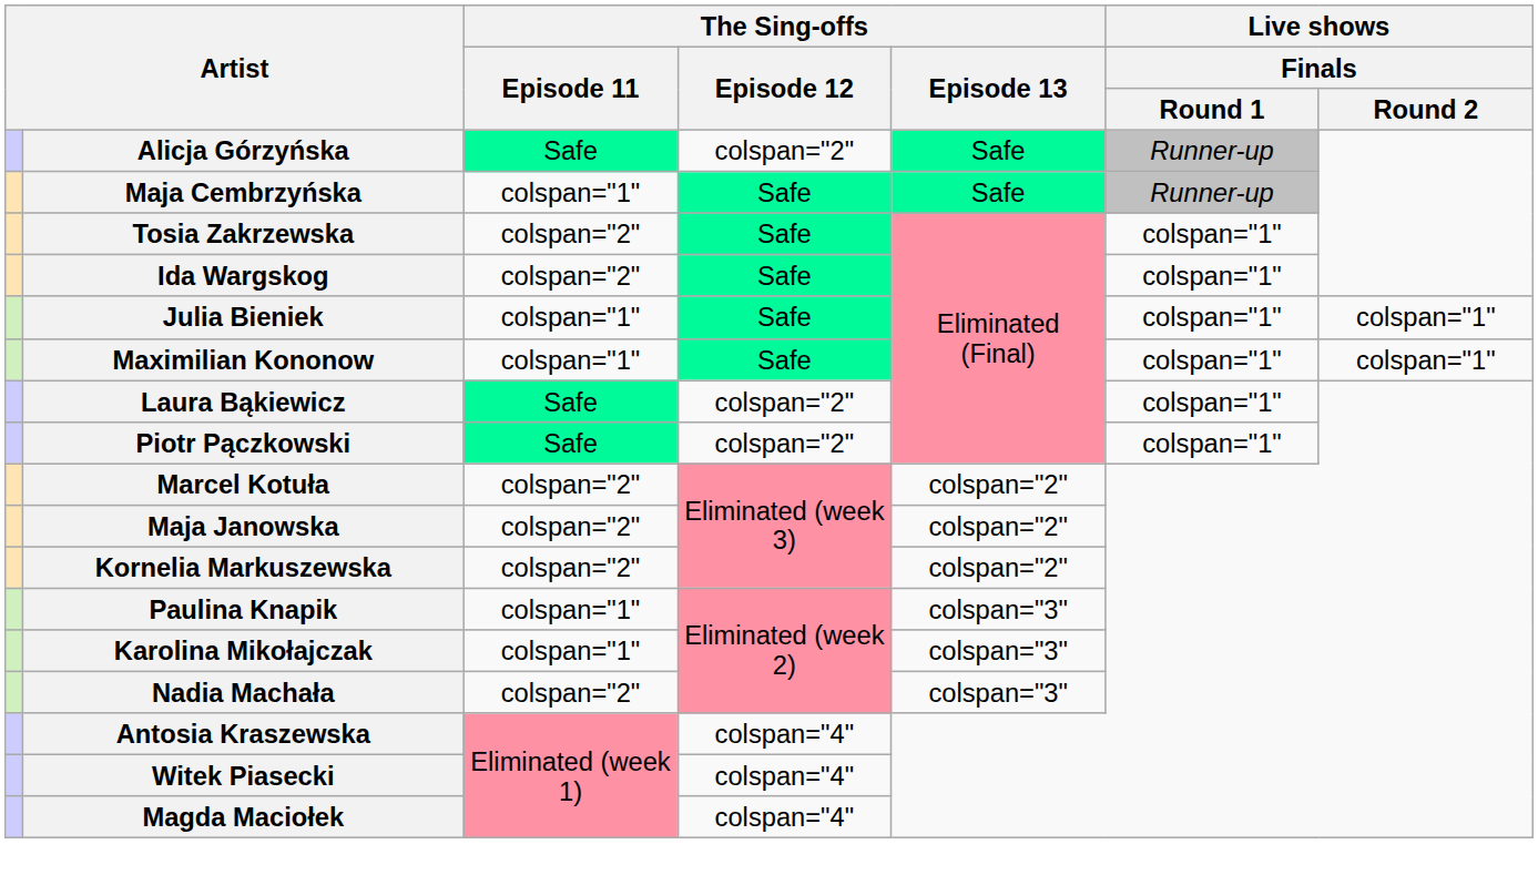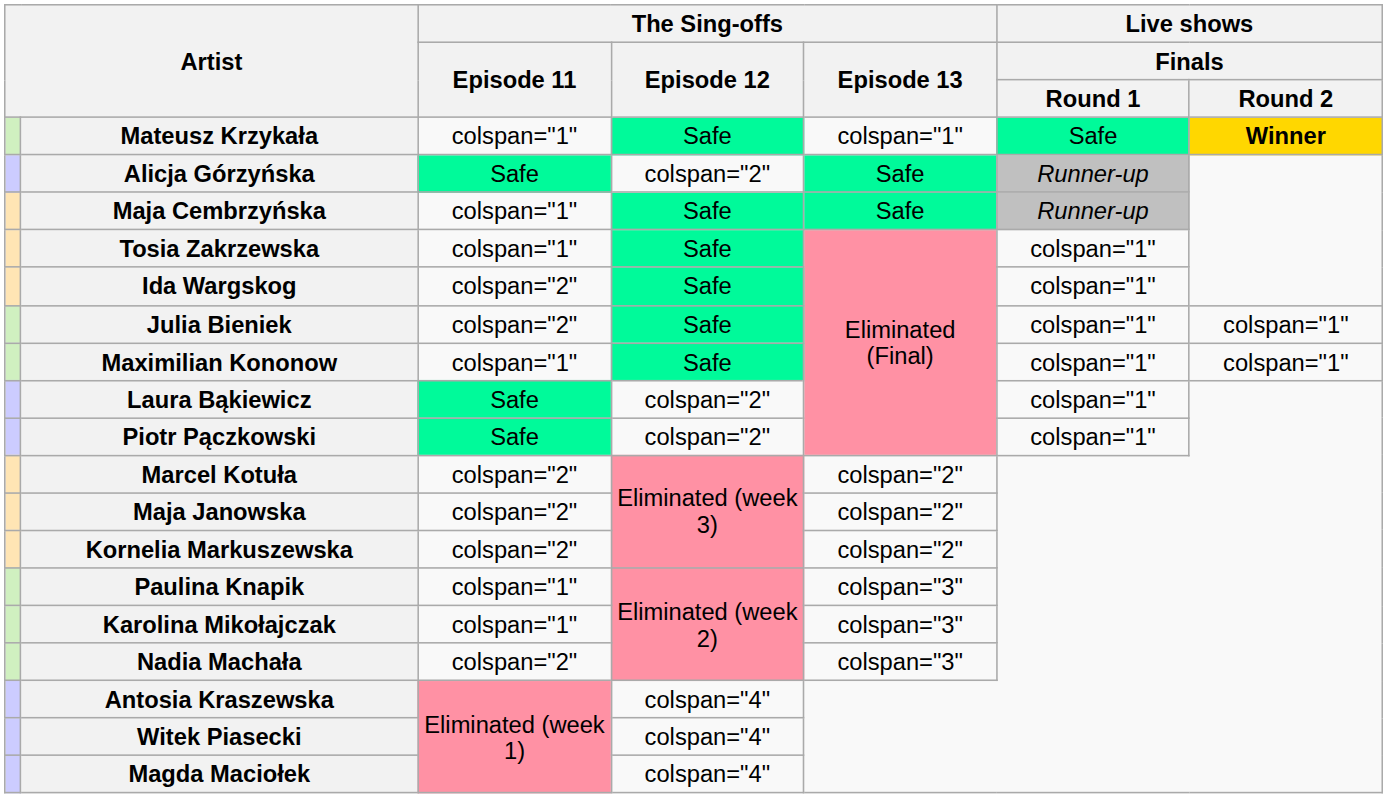 <table class="wikitable" style="text-align:center; font-size:95%; width:100%;">
 <tr>
 <th colspan="2" rowspan="3">Artist</th>
 <th colspan="3" style="width:14%">The Sing-offs</th>
 <th colspan="2" style="width:14%">Live shows</th>
 </tr>
 <tr>
 <th rowspan="2" style="width:14%">Episode 11</th>
 <th rowspan="2" style="width:14%">Episode 12</th>
 <th rowspan="2" style="width:14%">Episode 13</th>
 <th colspan="2" style="width:14%">Finals</th>
 </tr>
 <tr>
 <th style="width:14%;">Round 1</th>
 <th style="width:14%;">Round 2</th>
+</tr>
+<tr>
+<th style="background:#d0f0c0;"></th>
+<th style="background:#;">Mateusz Krzykała</th>
+<td>colspan="1" </td>
+<td style="background:#00FA9A;">Safe</td>
+<td>colspan="1" </td>
+<td style="background:#00FA9A;">Safe</td>
+<td style="background:gold;"><strong>Winner</strong></td>
 </tr>
 <tr>
 <th style="background:#ccf;"></th>
 <th style="background:#;">Alicja Górzyńska</th>
 <td style="background:#00FA9A;">Safe</td>
 <td>colspan="2" </td>
 <td style="background:#00FA9A;">Safe</td>
 <td style="background:silver;"><em>Runner-up</em></td>
 </tr>
 <tr>
 <th style="background:#ffe5b4;"></th>
 <th style="background:#;">Maja Cembrzyńska</th>
 <td>colspan="1" </td>
 <td style="background:#00FA9A;">Safe</td>
 <td style="background:#00FA9A;">Safe</td>
 <td style="background:silver;"><em>Runner-up</em></td>
 </tr>
 <tr>
 <th style="background:#ffe5b4;"></th>
 <th style="background:#;">Tosia Zakrzewska</th>
-<td>colspan="2" </td>
+<td>colspan="1" </td>
 <td style="background:#00FA9A;">Safe</td>
 <td colspan="1" rowspan="6" style="background:#FF91A4;">Eliminated (Final)</td>
 <td>colspan="1" </td>
 </tr>
 <tr>
 <th style="background:#ffe5b4;"></th>
 <th style="background:#;">Ida Wargskog</th>
 <td>colspan="2" </td>
 <td style="background:#00FA9A;">Safe</td>
 <td>colspan="1" </td>
 </tr>
 <tr>
 <th style="background:#d0f0c0;"></th>
 <th style="background:#;">Julia Bieniek</th>
-<td>colspan="1" </td>
+<td>colspan="2" </td>
 <td style="background:#00FA9A;">Safe</td>
 <td>colspan="1" </td>
 <td>colspan="1" </td>
 </tr>
 <tr>
 <th style="background:#d0f0c0;"></th>
 <th style="background:#;">Maximilian Kononow</th>
 <td>colspan="1" </td>
 <td style="background:#00FA9A;">Safe</td>
 <td>colspan="1" </td>
 <td>colspan="1" </td>
 </tr>
 <tr>
 <th style="background:#ccf;"></th>
 <th style="background:#;">Laura Bąkiewicz</th>
 <td style="background:#00FA9A;">Safe</td>
 <td>colspan="2" </td>
 <td>colspan="1" </td>
 </tr>
 <tr>
 <th style="background:#ccf;"></th>
 <th style="background:#;">Piotr Pączkowski</th>
 <td style="background:#00FA9A;">Safe</td>
 <td>colspan="2" </td>
 <td>colspan="1" </td>
 </tr>
 <tr>
 <th style="background:#ffe5b4;"></th>
 <th style="background:#;">Marcel Kotuła</th>
 <td>colspan="2" </td>
 <td colspan="1" rowspan="3" style="background:#FF91A4;">Eliminated (week 3)</td>
 <td>colspan="2" </td>
 </tr>
 <tr>
 <th style="background:#ffe5b4;"></th>
 <th style="background:#;">Maja Janowska</th>
 <td>colspan="2" </td>
 <td>colspan="2" </td>
 </tr>
 <tr>
 <th style="background:#ffe5b4;"></th>
 <th style="background:#;">Kornelia Markuszewska</th>
 <td>colspan="2" </td>
 <td>colspan="2" </td>
 </tr>
 <tr>
 <th style="background:#d0f0c0;"></th>
 <th style="background:#;">Paulina Knapik</th>
 <td>colspan="1" </td>
 <td colspan="1" rowspan="3" style="background:#FF91A4;">Eliminated (week 2)</td>
 <td>colspan="3" </td>
 </tr>
 <tr>
 <th style="background:#d0f0c0;"></th>
 <th style="background:#;">Karolina Mikołajczak</th>
 <td>colspan="1" </td>
 <td>colspan="3" </td>
 </tr>
 <tr>
 <th style="background:#d0f0c0;"></th>
 <th style="background:#;">Nadia Machała</th>
 <td>colspan="2" </td>
 <td>colspan="3" </td>
 </tr>
 <tr>
 <th style="background:#ccf;"></th>
 <th style="background:#;">Antosia Kraszewska</th>
 <td colspan="1" rowspan="3" style="background:#FF91A4;">Eliminated (week 1)</td>
 <td>colspan="4" </td>
 </tr>
 <tr>
 <th style="background:#ccf;"></th>
 <th style="background:#;">Witek Piasecki</th>
 <td>colspan="4" </td>
 </tr>
 <tr>
 <th style="background:#ccf;"></th>
 <th style="background:#;">Magda Maciołek</th>
 <td>colspan="4" </td>
 </tr>
 </table>
